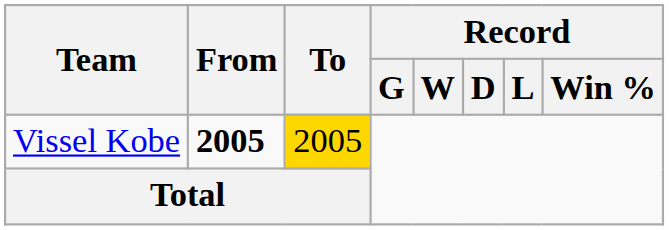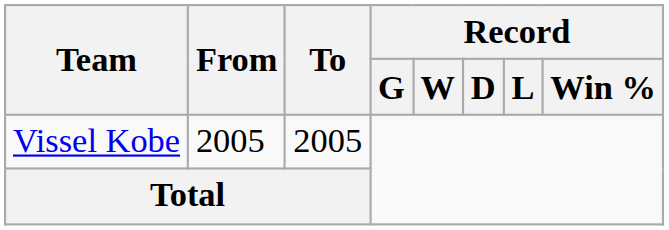 <table class="wikitable" style="text-align: center">
 <tr>
 <th rowspan="2">Team</th>
 <th rowspan="2">From</th>
 <th rowspan="2">To</th>
 <th colspan="5">Record</th>
 </tr>
 <tr>
 <th>G</th>
 <th>W</th>
 <th>D</th>
 <th>L</th>
 <th>Win %</th>
 </tr>
 <tr>
 <td align="left"><a href='#'>Vissel Kobe</a></td>
-<td align="left"><strong>2005</strong></td>
-<td align="left" style="background: gold;">2005<br></td>
+<td align="left">2005</td>
+<td align="left">2005<br></td>
 </tr>
 <tr>
 <th colspan="3">Total<br></th>
 </tr>
 </table>
